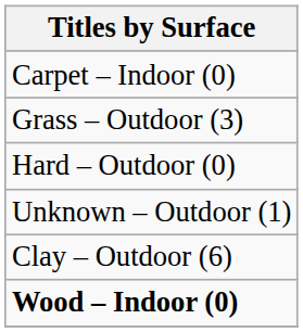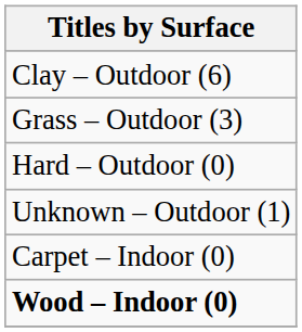 <table class="wikitable" style="display:inline-table;">
 <tr>
 <th>Titles by Surface</th>
 </tr>
 <tr>
-<td>Carpet – Indoor (0)</td>
+<td>Clay – Outdoor (6)</td>
 </tr>
 <tr>
 <td>Grass – Outdoor (3)</td>
 </tr>
 <tr>
 <td>Hard – Outdoor (0)</td>
 </tr>
 <tr>
 <td>Unknown – Outdoor (1)</td>
 </tr>
 <tr>
-<td>Clay – Outdoor (6)</td>
+<td>Carpet – Indoor (0)</td>
 </tr>
 <tr>
 <td><strong>Wood – Indoor (0)</strong></td>
 </tr>
 <tr>
 </tr>
 </table>
